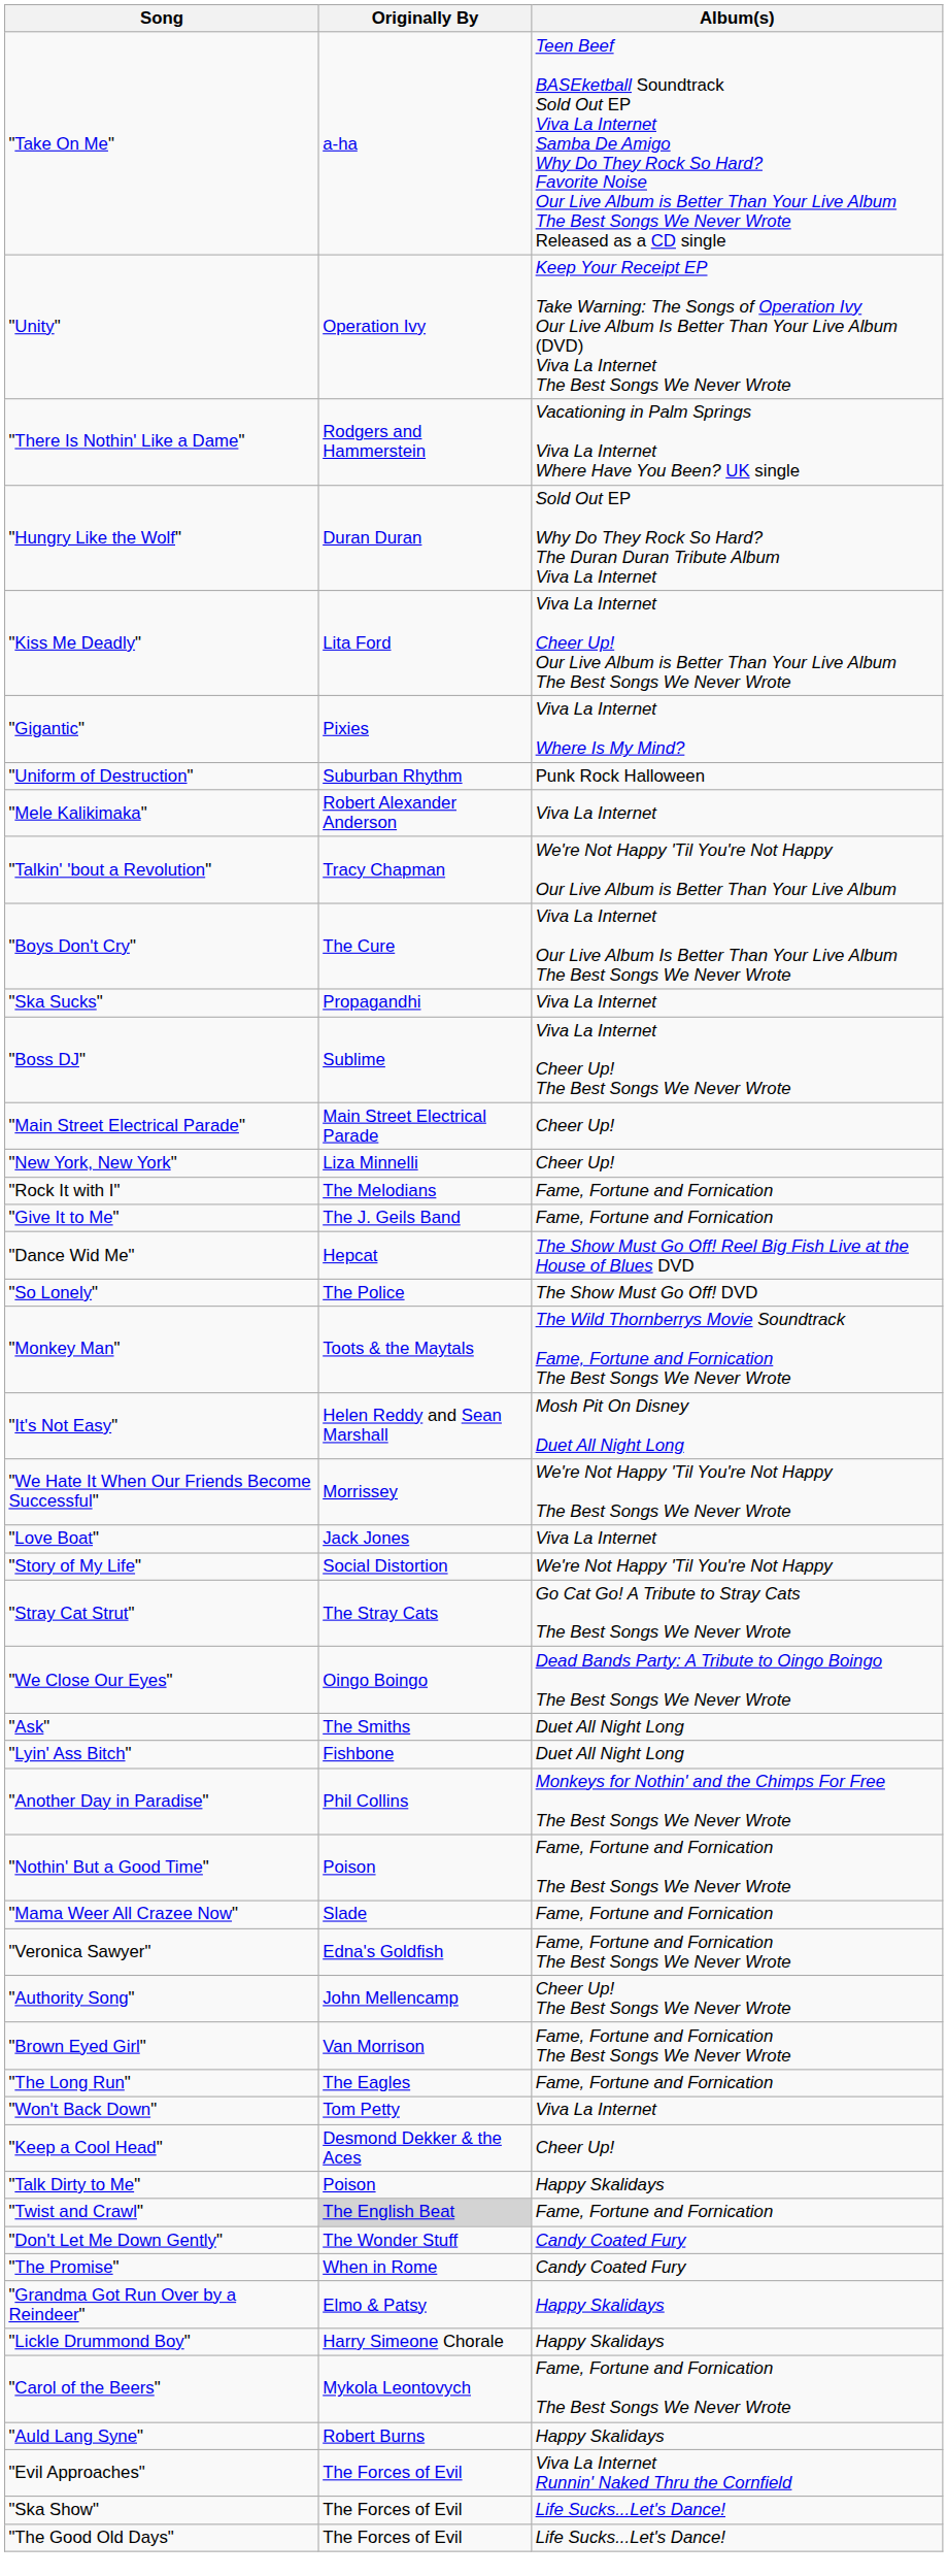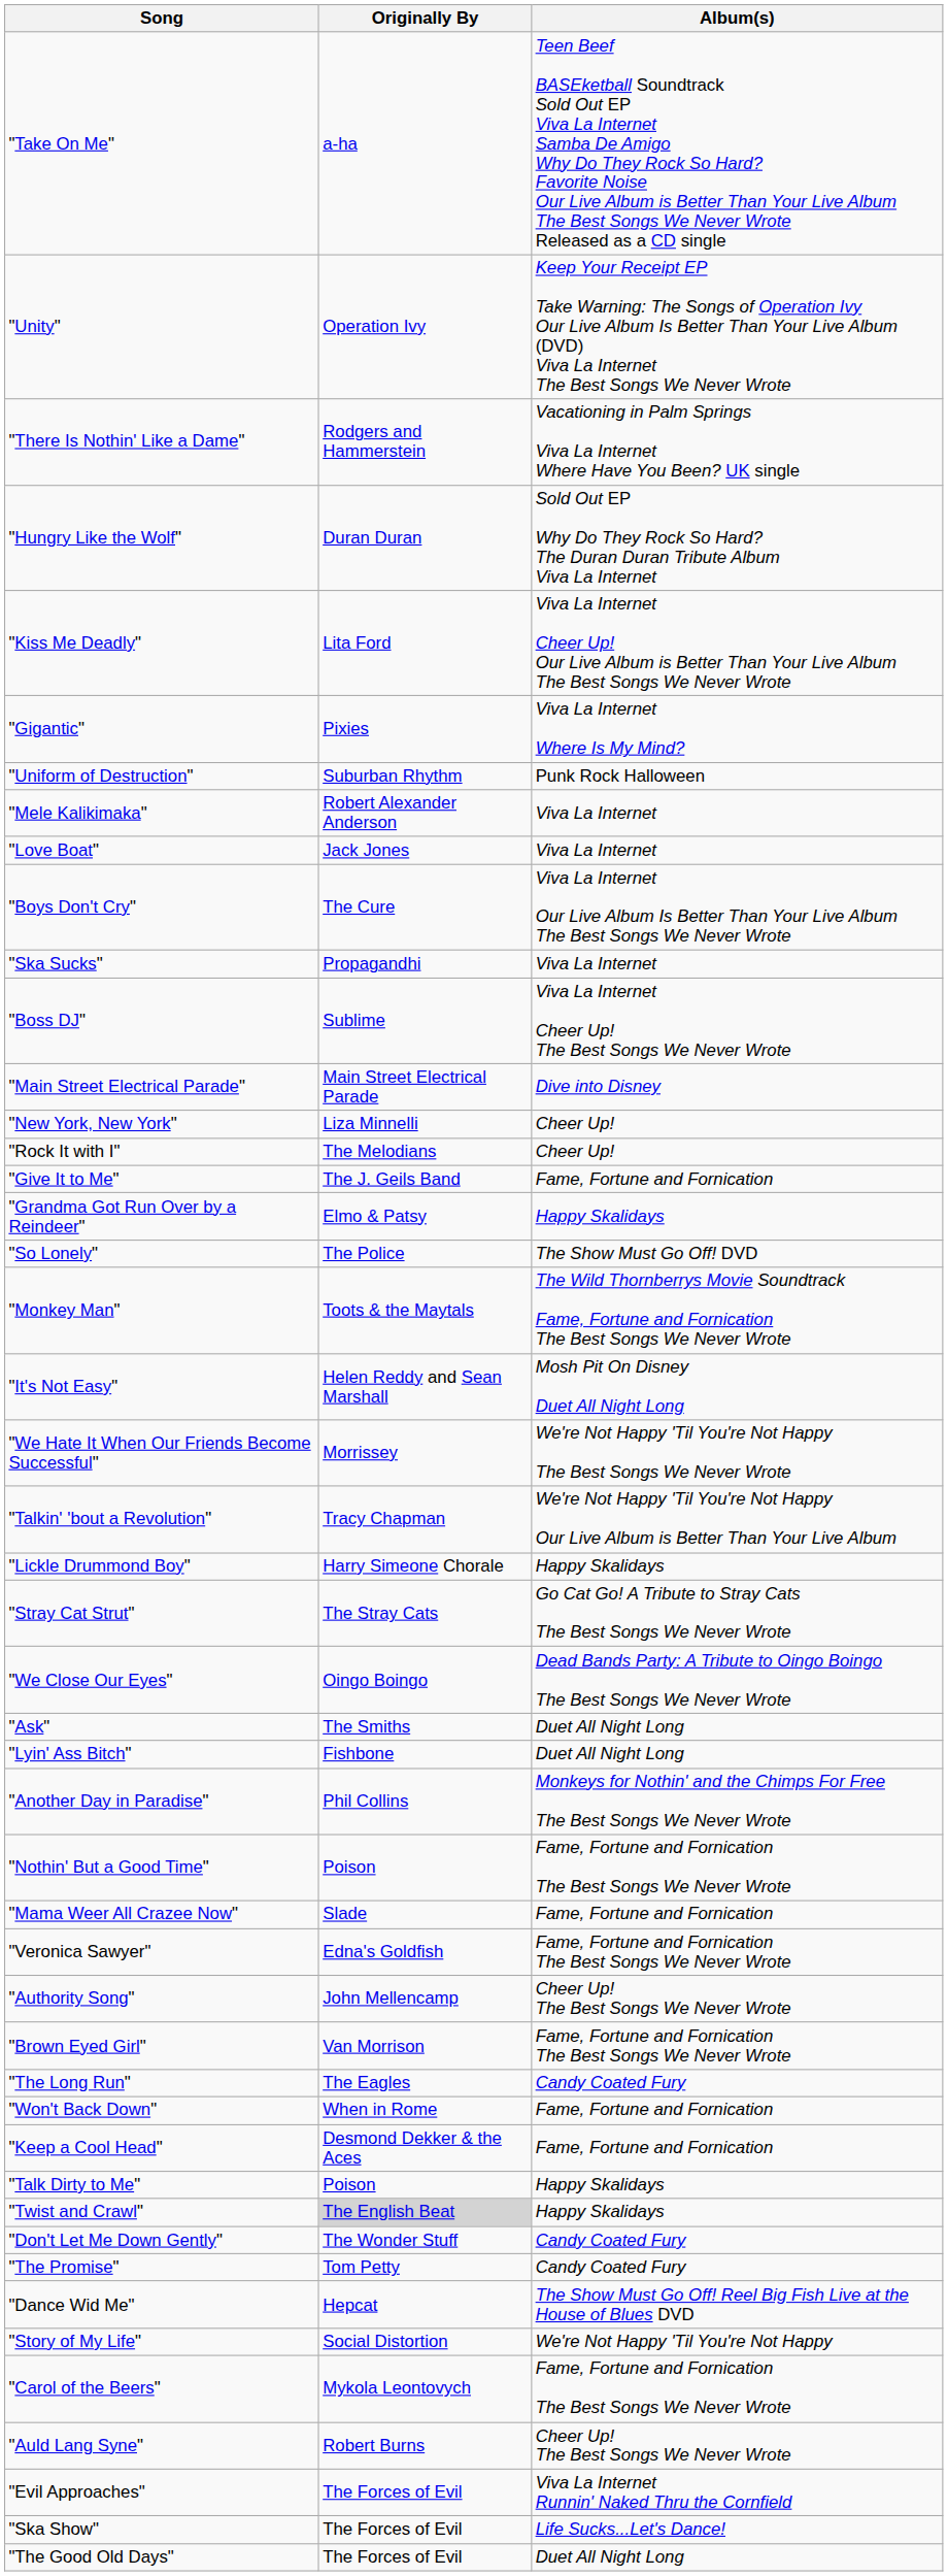 <table class="wikitable">
 <tr>
 <th>Song</th>
 <th>Originally By</th>
 <th>Album(s)</th>
 </tr>
 <tr>
 <td>"<a href='#'>Take On Me</a>"</td>
 <td><a href='#'>a-ha</a></td>
 <td><em><a href='#'>Teen Beef</a></em><br><br><em><a href='#'>BASEketball</a></em> Soundtrack<br> <em>Sold Out</em> EP<br> <em><a href='#'>Viva La Internet</a></em><br> <em><a href='#'>Samba De Amigo</a></em><br> <em><a href='#'>Why Do They Rock So Hard?</a></em><br> <em><a href='#'>Favorite Noise</a></em><br> <em><a href='#'>Our Live Album is Better Than Your Live Album</a></em><br> <em><a href='#'>The Best Songs We Never Wrote</a></em><br> Released as a <a href='#'>CD</a> single</td>
 </tr>
 <tr>
 <td>"<a href='#'>Unity</a>"</td>
 <td><a href='#'>Operation Ivy</a></td>
 <td><em><a href='#'>Keep Your Receipt EP</a></em><br><br><em>Take Warning: The Songs of <a href='#'>Operation Ivy</a></em><br> <em>Our Live Album Is Better Than Your Live Album</em> (DVD)<br> <em>Viva La Internet</em><br> <em>The Best Songs We Never Wrote</em></td>
 </tr>
 <tr>
 <td>"<a href='#'>There Is Nothin' Like a Dame</a>"</td>
 <td><a href='#'>Rodgers and Hammerstein</a></td>
 <td><em>Vacationing in Palm Springs</em><br><br><em>Viva La Internet</em><br>  <em>Where Have You Been?</em> <a href='#'>UK</a> single</td>
 </tr>
 <tr>
 <td>"<a href='#'>Hungry Like the Wolf</a>"</td>
 <td><a href='#'>Duran Duran</a></td>
 <td><em>Sold Out</em> EP<br><br><em>Why Do They Rock So Hard?</em><br> <em>The Duran Duran Tribute Album</em><br> <em>Viva La Internet</em></td>
 </tr>
 <tr>
 <td>"<a href='#'>Kiss Me Deadly</a>"</td>
 <td><a href='#'>Lita Ford</a></td>
 <td><em>Viva La Internet</em><br><br><em><a href='#'>Cheer Up!</a></em><br> <em>Our Live Album is Better Than Your Live Album</em><br> <em>The Best Songs We Never Wrote</em></td>
 </tr>
 <tr>
 <td>"<a href='#'>Gigantic</a>"</td>
 <td><a href='#'>Pixies</a></td>
 <td><em>Viva La Internet</em><br><br><em><a href='#'>Where Is My Mind?</a></em></td>
 </tr>
 <tr>
 <td>"<a href='#'>Uniform of Destruction</a>"</td>
 <td><a href='#'>Suburban Rhythm</a></td>
 <td>Punk Rock Halloween</td>
 </tr>
 <tr>
 <td>"<a href='#'>Mele Kalikimaka</a>"</td>
 <td><a href='#'>Robert Alexander Anderson</a></td>
 <td><em>Viva La Internet</em></td>
 </tr>
 <tr>
-<td>"<a href='#'>Talkin' 'bout a Revolution</a>"</td>
-<td><a href='#'>Tracy Chapman</a></td>
-<td><em>We're Not Happy 'Til You're Not Happy</em><br><br><em>Our Live Album is Better Than Your Live Album</em></td>
+<td>"<a href='#'>Love Boat</a>"</td>
+<td><a href='#'>Jack Jones</a></td>
+<td><em>Viva La Internet</em></td>
 </tr>
 <tr>
 <td>"<a href='#'>Boys Don't Cry</a>"</td>
 <td><a href='#'>The Cure</a></td>
 <td><em>Viva La Internet</em><br><br><em>Our Live Album Is Better Than Your Live Album</em><br> <em>The Best Songs We Never Wrote</em></td>
 </tr>
 <tr>
 <td>"<a href='#'>Ska Sucks</a>"</td>
 <td><a href='#'>Propagandhi</a></td>
 <td><em>Viva La Internet</em></td>
 </tr>
 <tr>
 <td>"<a href='#'>Boss DJ</a>"</td>
 <td><a href='#'>Sublime</a></td>
 <td><em>Viva La Internet</em><br><br><em>Cheer Up!</em><br> <em>The Best Songs We Never Wrote</em></td>
 </tr>
 <tr>
 <td>"<a href='#'>Main Street Electrical Parade</a>"</td>
 <td><a href='#'>Main Street Electrical Parade</a></td>
-<td><em>Cheer Up!</em></td>
+<td><em><a href='#'>Dive into Disney</a></em></td>
 </tr>
 <tr>
 <td>"<a href='#'>New York, New York</a>"</td>
 <td><a href='#'>Liza Minnelli</a></td>
 <td><em>Cheer Up!</em></td>
 </tr>
 <tr>
 <td>"Rock It with I"</td>
 <td><a href='#'>The Melodians</a></td>
-<td><em>Fame, Fortune and Fornication</em></td>
+<td><em>Cheer Up!</em></td>
 </tr>
 <tr>
 <td>"<a href='#'>Give It to Me</a>"</td>
 <td><a href='#'>The J. Geils Band</a></td>
 <td><em>Fame, Fortune and Fornication</em></td>
 </tr>
 <tr>
-<td>"Dance Wid Me"</td>
-<td><a href='#'>Hepcat</a></td>
-<td><em><a href='#'>The Show Must Go Off! Reel Big Fish Live at the House of Blues</a></em> DVD</td>
+<td>"<a href='#'>Grandma Got Run Over by a Reindeer</a>"</td>
+<td><a href='#'>Elmo & Patsy</a></td>
+<td><em><a href='#'>Happy Skalidays</a></em></td>
 </tr>
 <tr>
 <td>"<a href='#'>So Lonely</a>"</td>
 <td><a href='#'>The Police</a></td>
 <td><em>The Show Must Go Off!</em> DVD</td>
 </tr>
 <tr>
 <td>"<a href='#'>Monkey Man</a>"</td>
 <td><a href='#'>Toots & the Maytals</a></td>
 <td><em><a href='#'>The Wild Thornberrys Movie</a> Soundtrack</em><br><br><em><a href='#'>Fame, Fortune and Fornication</a></em><br> <em>The Best Songs We Never Wrote</em></td>
 </tr>
 <tr>
 <td>"<a href='#'>It's Not Easy</a>"</td>
 <td><a href='#'>Helen Reddy</a> and <a href='#'>Sean Marshall</a></td>
 <td><em>Mosh Pit On Disney</em><br><br><em><a href='#'>Duet All Night Long</a></em></td>
 </tr>
 <tr>
 <td>"<a href='#'>We Hate It When Our Friends Become Successful</a>"</td>
 <td><a href='#'>Morrissey</a></td>
 <td><em>We're Not Happy 'Til You're Not Happy</em><br><br><em>The Best Songs We Never Wrote</em></td>
 </tr>
 <tr>
-<td>"<a href='#'>Love Boat</a>"</td>
-<td><a href='#'>Jack Jones</a></td>
-<td><em>Viva La Internet</em></td>
+<td>"<a href='#'>Talkin' 'bout a Revolution</a>"</td>
+<td><a href='#'>Tracy Chapman</a></td>
+<td><em>We're Not Happy 'Til You're Not Happy</em><br><br><em>Our Live Album is Better Than Your Live Album</em></td>
 </tr>
 <tr>
-<td>"<a href='#'>Story of My Life</a>"</td>
-<td><a href='#'>Social Distortion</a></td>
-<td><em>We're Not Happy 'Til You're Not Happy</em></td>
+<td>"<a href='#'>Lickle Drummond Boy</a>"</td>
+<td><a href='#'>Harry Simeone</a> Chorale</td>
+<td><em>Happy Skalidays</em></td>
 </tr>
 <tr>
 <td>"<a href='#'>Stray Cat Strut</a>"</td>
 <td><a href='#'>The Stray Cats</a></td>
 <td><em>Go Cat Go! A Tribute to Stray Cats</em><br><br><em>The Best Songs We Never Wrote</em></td>
 </tr>
 <tr>
 <td>"<a href='#'>We Close Our Eyes</a>"</td>
 <td><a href='#'>Oingo Boingo</a></td>
 <td><em><a href='#'>Dead Bands Party: A Tribute to Oingo Boingo</a></em><br><br><em>The Best Songs We Never Wrote</em></td>
 </tr>
 <tr>
 <td>"<a href='#'>Ask</a>"</td>
 <td><a href='#'>The Smiths</a></td>
 <td><em>Duet All Night Long</em></td>
 </tr>
 <tr>
 <td>"<a href='#'>Lyin' Ass Bitch</a>"</td>
 <td><a href='#'>Fishbone</a></td>
 <td><em>Duet All Night Long</em></td>
 </tr>
 <tr>
 <td>"<a href='#'>Another Day in Paradise</a>"</td>
 <td><a href='#'>Phil Collins</a></td>
 <td><em><a href='#'>Monkeys for Nothin' and the Chimps For Free</a></em><br><br><em>The Best Songs We Never Wrote</em></td>
 </tr>
 <tr>
 <td>"<a href='#'>Nothin' But a Good Time</a>"</td>
 <td><a href='#'>Poison</a></td>
 <td><em>Fame, Fortune and Fornication</em><br><br><em>The Best Songs We Never Wrote</em></td>
 </tr>
 <tr>
 <td>"<a href='#'>Mama Weer All Crazee Now</a>"</td>
 <td><a href='#'>Slade</a></td>
 <td><em>Fame, Fortune and Fornication</em></td>
 </tr>
 <tr>
 <td>"Veronica Sawyer"</td>
 <td><a href='#'>Edna's Goldfish</a></td>
 <td><em>Fame, Fortune and Fornication</em><br><em>The Best Songs We Never Wrote</em></td>
 </tr>
 <tr>
 <td>"<a href='#'>Authority Song</a>"</td>
 <td><a href='#'>John Mellencamp</a></td>
 <td><em>Cheer Up!</em><br><em>The Best Songs We Never Wrote</em></td>
 </tr>
 <tr>
 <td>"<a href='#'>Brown Eyed Girl</a>"</td>
 <td><a href='#'>Van Morrison</a></td>
 <td><em>Fame, Fortune and Fornication</em><br><em>The Best Songs We Never Wrote</em></td>
 </tr>
 <tr>
 <td>"<a href='#'>The Long Run</a>"</td>
 <td><a href='#'>The Eagles</a></td>
-<td><em>Fame, Fortune and Fornication</em></td>
+<td><em><a href='#'>Candy Coated Fury</a></em></td>
 </tr>
 <tr>
 <td>"<a href='#'>Won't Back Down</a>"</td>
-<td><a href='#'>Tom Petty</a></td>
-<td><em>Viva La Internet</em></td>
+<td><a href='#'>When in Rome</a></td>
+<td><em>Fame, Fortune and Fornication</em></td>
 </tr>
 <tr>
 <td>"<a href='#'>Keep a Cool Head</a>"</td>
 <td><a href='#'>Desmond Dekker & the Aces</a></td>
-<td><em>Cheer Up!</em></td>
+<td><em>Fame, Fortune and Fornication</em></td>
 </tr>
 <tr>
 <td>"<a href='#'>Talk Dirty to Me</a>"</td>
 <td><a href='#'>Poison</a></td>
 <td><em>Happy Skalidays</em></td>
 </tr>
 <tr>
 <td>"<a href='#'>Twist and Crawl</a>"</td>
 <td style="background: lightgrey;"><a href='#'>The English Beat</a></td>
-<td><em>Fame, Fortune and Fornication</em></td>
+<td><em>Happy Skalidays</em></td>
 </tr>
 <tr>
 <td>"<a href='#'>Don't Let Me Down Gently</a>"</td>
 <td><a href='#'>The Wonder Stuff</a></td>
 <td><em><a href='#'>Candy Coated Fury</a></em></td>
 </tr>
 <tr>
 <td>"<a href='#'>The Promise</a>"</td>
-<td><a href='#'>When in Rome</a></td>
+<td><a href='#'>Tom Petty</a></td>
 <td><em>Candy Coated Fury</em></td>
 </tr>
 <tr>
-<td>"<a href='#'>Grandma Got Run Over by a Reindeer</a>"</td>
-<td><a href='#'>Elmo & Patsy</a></td>
-<td><em><a href='#'>Happy Skalidays</a></em></td>
+<td>"Dance Wid Me"</td>
+<td><a href='#'>Hepcat</a></td>
+<td><em><a href='#'>The Show Must Go Off! Reel Big Fish Live at the House of Blues</a></em> DVD</td>
 </tr>
 <tr>
-<td>"<a href='#'>Lickle Drummond Boy</a>"</td>
-<td><a href='#'>Harry Simeone</a> Chorale</td>
-<td><em>Happy Skalidays</em></td>
+<td>"<a href='#'>Story of My Life</a>"</td>
+<td><a href='#'>Social Distortion</a></td>
+<td><em>We're Not Happy 'Til You're Not Happy</em></td>
 </tr>
 <tr>
 <td>"<a href='#'>Carol of the Beers</a>"</td>
 <td><a href='#'>Mykola Leontovych</a></td>
 <td><em>Fame, Fortune and Fornication</em><br><br><em>The Best Songs We Never Wrote</em></td>
 </tr>
 <tr>
 <td>"<a href='#'>Auld Lang Syne</a>"</td>
 <td><a href='#'>Robert Burns</a></td>
-<td><em>Happy Skalidays</em></td>
+<td><em>Cheer Up!</em><br><em>The Best Songs We Never Wrote</em></td>
 </tr>
 <tr>
 <td>"Evil Approaches"</td>
 <td><a href='#'>The Forces of Evil</a></td>
 <td><em>Viva La Internet</em><br><em><a href='#'>Runnin' Naked Thru the Cornfield</a></em></td>
 </tr>
 <tr>
 <td>"Ska Show"</td>
 <td>The Forces of Evil</td>
 <td><em><a href='#'>Life Sucks...Let's Dance!</a></em></td>
 </tr>
 <tr>
 <td>"The Good Old Days"</td>
 <td>The Forces of Evil</td>
-<td><em>Life Sucks...Let's Dance!</em></td>
+<td><em>Duet All Night Long</em></td>
 </tr>
 </table>
